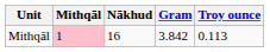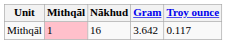 <table class="wikitable">
 <tr>
 <th>Unit</th>
 <th>Mithqāl</th>
 <th>Nākhud</th>
 <th><a href='#'>Gram</a></th>
 <th><a href='#'>Troy ounce</a></th>
 </tr>
 <tr>
 <td>Mithqāl</td>
 <td style="background: pink;">1</td>
 <td>16</td>
-<td>3.842</td>
-<td>0.113</td>
+<td>3.642</td>
+<td>0.117</td>
 </tr>
 </table>
